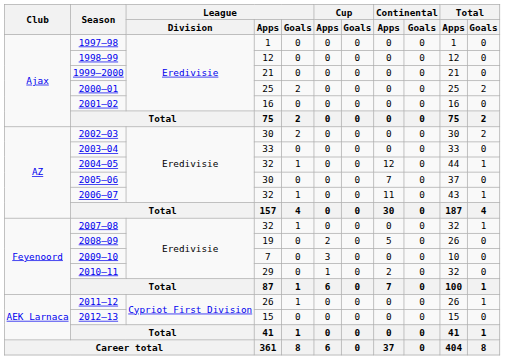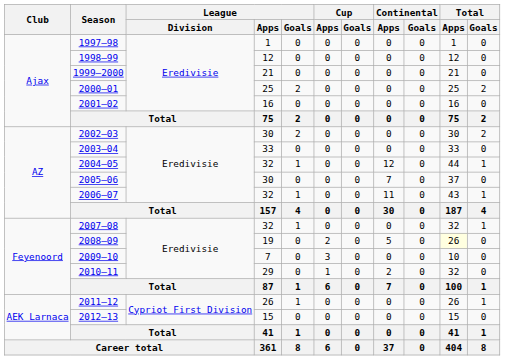 <table class="wikitable" style="text-align:center">
 <tr>
 <th rowspan="2">Club</th>
 <th rowspan="2">Season</th>
 <th colspan="3">League</th>
 <th colspan="2">Cup</th>
 <th colspan="2">Continental</th>
 <th colspan="2">Total</th>
 </tr>
 <tr>
 <th>Division</th>
 <th>Apps</th>
 <th>Goals</th>
 <th>Apps</th>
 <th>Goals</th>
 <th>Apps</th>
 <th>Goals</th>
 <th>Apps</th>
 <th>Goals</th>
 </tr>
 <tr>
 <td rowspan="6"><a href='#'>Ajax</a></td>
 <td><a href='#'>1997–98</a></td>
 <td rowspan="5"><a href='#'>Eredivisie</a></td>
 <td>1</td>
 <td>0</td>
 <td>0</td>
 <td>0</td>
 <td>0</td>
 <td>0</td>
 <td>1</td>
 <td>0</td>
 </tr>
 <tr>
 <td><a href='#'>1998–99</a></td>
 <td>12</td>
 <td>0</td>
 <td>0</td>
 <td>0</td>
 <td>0</td>
 <td>0</td>
 <td>12</td>
 <td>0</td>
 </tr>
 <tr>
 <td><a href='#'>1999–2000</a></td>
 <td>21</td>
 <td>0</td>
 <td>0</td>
 <td>0</td>
 <td>0</td>
 <td>0</td>
 <td>21</td>
 <td>0</td>
 </tr>
 <tr>
 <td><a href='#'>2000–01</a></td>
 <td>25</td>
 <td>2</td>
 <td>0</td>
 <td>0</td>
 <td>0</td>
 <td>0</td>
 <td>25</td>
 <td>2</td>
 </tr>
 <tr>
 <td><a href='#'>2001–02</a></td>
 <td>16</td>
 <td>0</td>
 <td>0</td>
 <td>0</td>
 <td>0</td>
 <td>0</td>
 <td>16</td>
 <td>0</td>
 </tr>
 <tr>
 <th colspan="2">Total</th>
 <th>75</th>
 <th>2</th>
 <th>0</th>
 <th>0</th>
 <th>0</th>
 <th>0</th>
 <th>75</th>
 <th>2</th>
 </tr>
 <tr>
 <td rowspan="6"><a href='#'>AZ</a></td>
 <td><a href='#'>2002–03</a></td>
 <td rowspan="5">Eredivisie</td>
 <td>30</td>
 <td>2</td>
 <td>0</td>
 <td>0</td>
 <td>0</td>
 <td>0</td>
 <td>30</td>
 <td>2</td>
 </tr>
 <tr>
 <td><a href='#'>2003–04</a></td>
 <td>33</td>
 <td>0</td>
 <td>0</td>
 <td>0</td>
 <td>0</td>
 <td>0</td>
 <td>33</td>
 <td>0</td>
 </tr>
 <tr>
 <td><a href='#'>2004–05</a></td>
 <td>32</td>
 <td>1</td>
 <td>0</td>
 <td>0</td>
 <td>12</td>
 <td>0</td>
 <td>44</td>
 <td>1</td>
 </tr>
 <tr>
 <td><a href='#'>2005–06</a></td>
 <td>30</td>
 <td>0</td>
 <td>0</td>
 <td>0</td>
 <td>7</td>
 <td>0</td>
 <td>37</td>
 <td>0</td>
 </tr>
 <tr>
 <td><a href='#'>2006–07</a></td>
 <td>32</td>
 <td>1</td>
 <td>0</td>
 <td>0</td>
 <td>11</td>
 <td>0</td>
 <td>43</td>
 <td>1</td>
 </tr>
 <tr>
 <th colspan="2">Total</th>
 <th>157</th>
 <th>4</th>
 <th>0</th>
 <th>0</th>
 <th>30</th>
 <th>0</th>
 <th>187</th>
 <th>4</th>
 </tr>
 <tr>
 <td rowspan="5"><a href='#'>Feyenoord</a></td>
 <td><a href='#'>2007–08</a></td>
 <td rowspan="4">Eredivisie</td>
 <td>32</td>
 <td>1</td>
 <td>0</td>
 <td>0</td>
 <td>0</td>
 <td>0</td>
 <td>32</td>
 <td>1</td>
 </tr>
 <tr>
 <td><a href='#'>2008–09</a></td>
 <td>19</td>
 <td>0</td>
 <td>2</td>
 <td>0</td>
 <td>5</td>
 <td>0</td>
-<td>26</td>
+<td style="background: lightyellow;">26</td>
 <td>0</td>
 </tr>
 <tr>
 <td><a href='#'>2009–10</a></td>
 <td>7</td>
 <td>0</td>
 <td>3</td>
 <td>0</td>
 <td>0</td>
 <td>0</td>
 <td>10</td>
 <td>0</td>
 </tr>
 <tr>
 <td><a href='#'>2010–11</a></td>
 <td>29</td>
 <td>0</td>
 <td>1</td>
 <td>0</td>
 <td>2</td>
 <td>0</td>
 <td>32</td>
 <td>0</td>
 </tr>
 <tr>
 <th colspan="2">Total</th>
 <th>87</th>
 <th>1</th>
 <th>6</th>
 <th>0</th>
 <th>7</th>
 <th>0</th>
 <th>100</th>
 <th>1</th>
 </tr>
 <tr>
 <td rowspan="3"><a href='#'>AEK Larnaca</a></td>
 <td><a href='#'>2011–12</a></td>
 <td rowspan="2"><a href='#'>Cypriot First Division</a></td>
 <td>26</td>
 <td>1</td>
 <td>0</td>
 <td>0</td>
 <td>0</td>
 <td>0</td>
 <td>26</td>
 <td>1</td>
 </tr>
 <tr>
 <td><a href='#'>2012–13</a></td>
 <td>15</td>
 <td>0</td>
 <td>0</td>
 <td>0</td>
 <td>0</td>
 <td>0</td>
 <td>15</td>
 <td>0</td>
 </tr>
 <tr>
 <th colspan="2">Total</th>
 <th>41</th>
 <th>1</th>
 <th>0</th>
 <th>0</th>
 <th>0</th>
 <th>0</th>
 <th>41</th>
 <th>1</th>
 </tr>
 <tr>
 <th colspan="3">Career total</th>
 <th>361</th>
 <th>8</th>
 <th>6</th>
 <th>0</th>
 <th>37</th>
 <th>0</th>
 <th>404</th>
 <th>8</th>
 </tr>
 </table>
